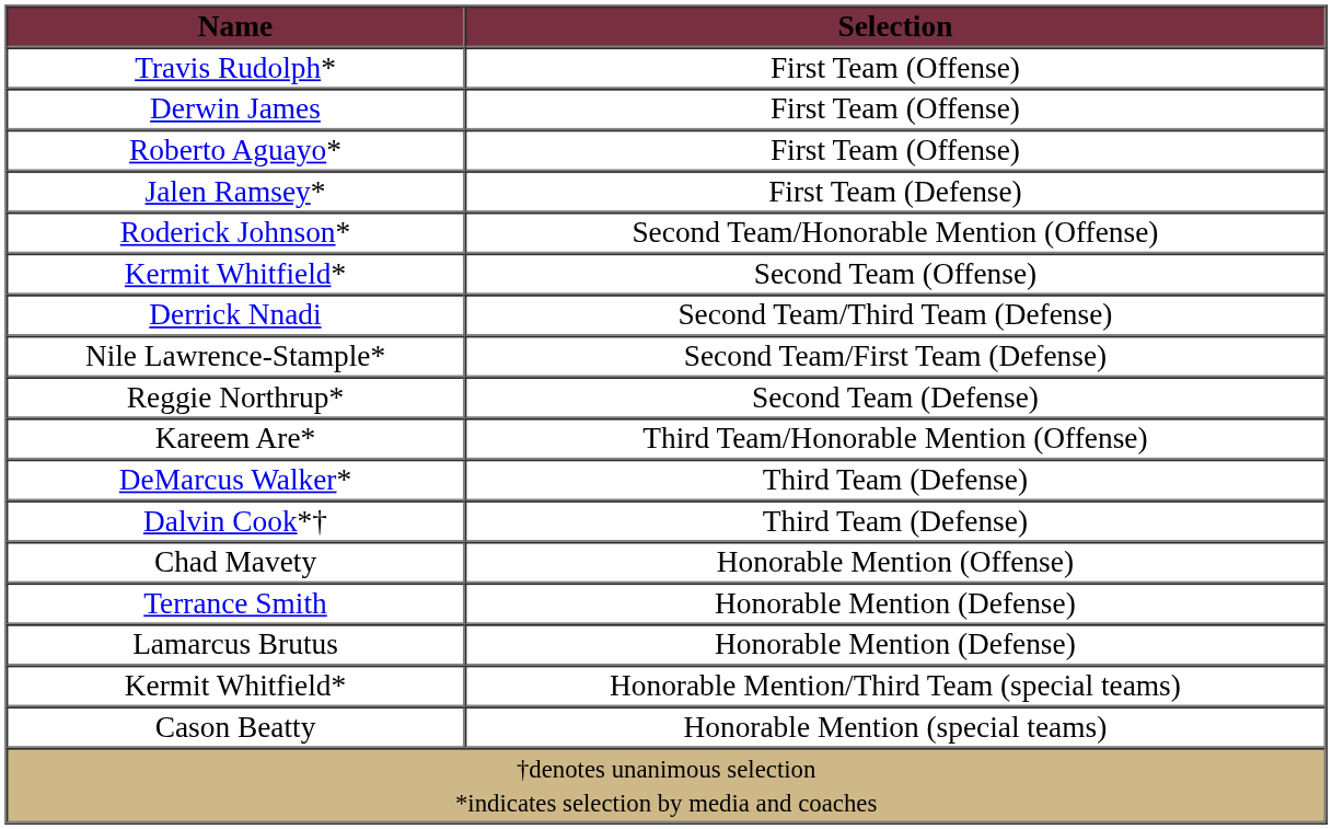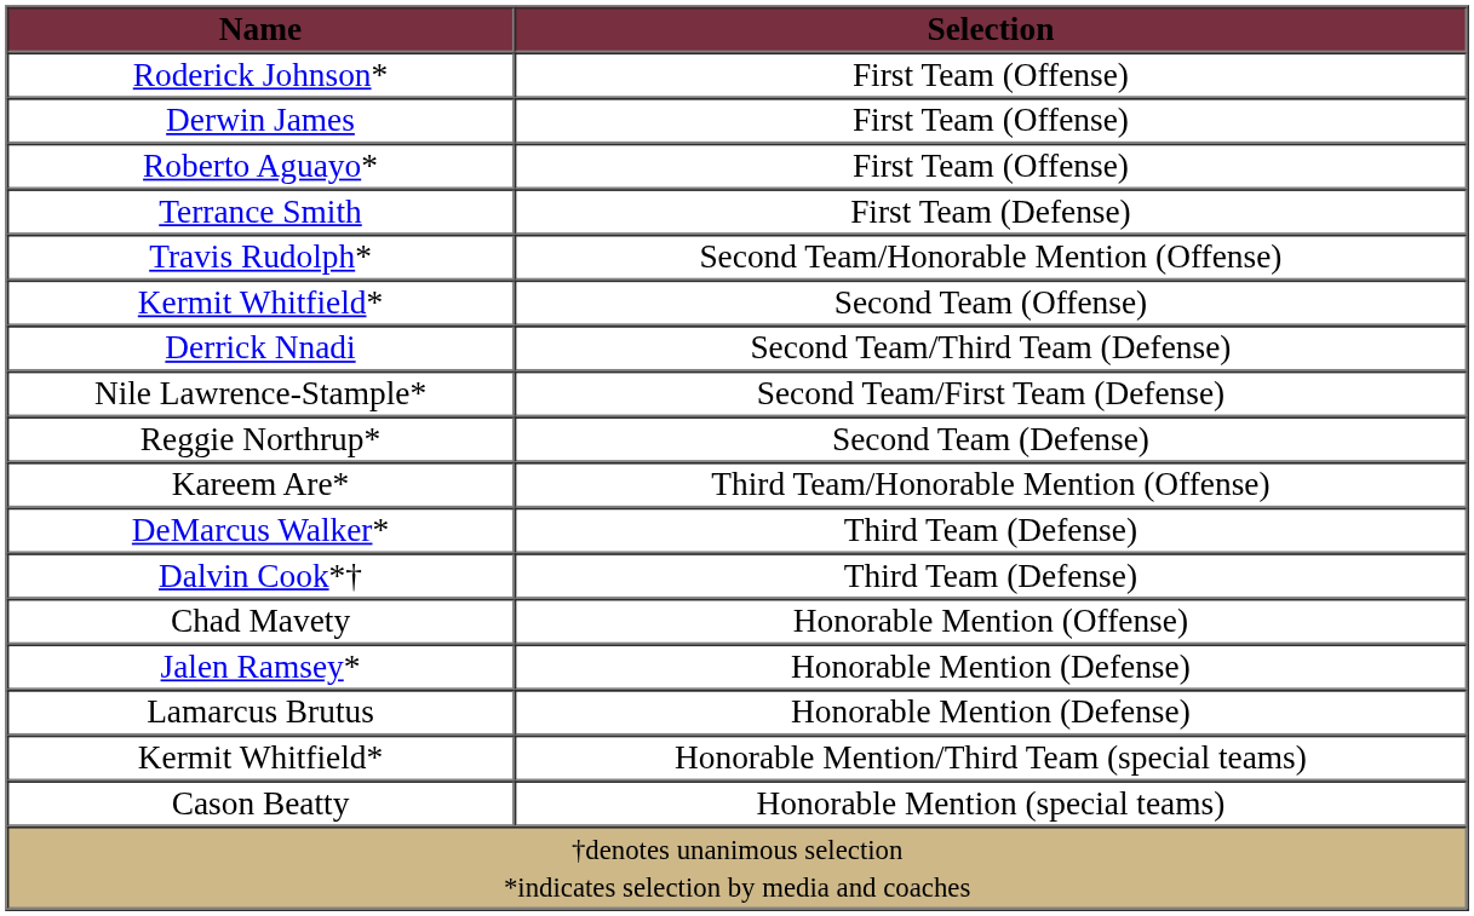 <table cellpadding="1" border="1" cellspacing="0" width="80%">
 <tr>
 <th bgcolor="#782F40"><span>Name</span></th>
 <th bgcolor="#782F40"><span>Selection</span></th>
 </tr>
 <tr align="center">
-<td><a href='#'>Travis Rudolph</a>*</td>
+<td><a href='#'>Roderick Johnson</a>*</td>
 <td>First Team (Offense)</td>
 </tr>
 <tr align="center">
 <td><a href='#'>Derwin James</a></td>
 <td>First Team (Offense)</td>
 </tr>
 <tr align="center">
 <td><a href='#'>Roberto Aguayo</a>*</td>
 <td>First Team (Offense)</td>
 </tr>
 <tr align="center">
-<td><a href='#'>Jalen Ramsey</a>*</td>
+<td><a href='#'>Terrance Smith</a></td>
 <td>First Team (Defense)</td>
 </tr>
 <tr align="center">
-<td><a href='#'>Roderick Johnson</a>*</td>
+<td><a href='#'>Travis Rudolph</a>*</td>
 <td>Second Team/Honorable Mention (Offense)</td>
 </tr>
 <tr align="center">
 <td><a href='#'>Kermit Whitfield</a>*</td>
 <td>Second Team (Offense)</td>
 </tr>
 <tr align="center">
 <td><a href='#'>Derrick Nnadi</a></td>
 <td>Second Team/Third Team (Defense)</td>
 </tr>
 <tr align="center">
 <td>Nile Lawrence-Stample*</td>
 <td>Second Team/First Team (Defense)</td>
 </tr>
 <tr align="center">
 <td>Reggie Northrup*</td>
 <td>Second Team (Defense)</td>
 </tr>
 <tr align="center">
 <td>Kareem Are*</td>
 <td>Third Team/Honorable Mention (Offense)</td>
 </tr>
 <tr align="center">
 <td><a href='#'>DeMarcus Walker</a>*</td>
 <td>Third Team (Defense)</td>
 </tr>
 <tr align="center">
 <td><a href='#'>Dalvin Cook</a>*†</td>
 <td>Third Team (Defense)</td>
 </tr>
 <tr align="center">
 <td>Chad Mavety</td>
 <td>Honorable Mention (Offense)</td>
 </tr>
 <tr align="center">
-<td><a href='#'>Terrance Smith</a></td>
+<td><a href='#'>Jalen Ramsey</a>*</td>
 <td>Honorable Mention (Defense)</td>
 </tr>
 <tr align="center">
 <td>Lamarcus Brutus</td>
 <td>Honorable Mention (Defense)</td>
 </tr>
 <tr align="center">
 <td>Kermit Whitfield*</td>
 <td>Honorable Mention/Third Team (special teams)</td>
 </tr>
 <tr align="center">
 <td>Cason Beatty</td>
 <td>Honorable Mention (special teams)</td>
 </tr>
 <tr align="center">
 <td colspan=2 bgcolor="#CEB888"><span><small>†denotes unanimous selection<br>*indicates selection by media and coaches</small></span></td>
 </tr>
 </table>
